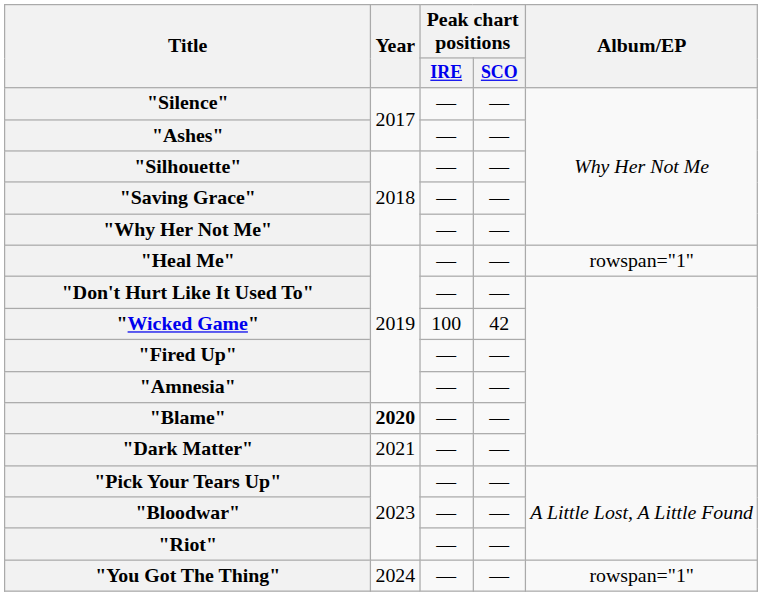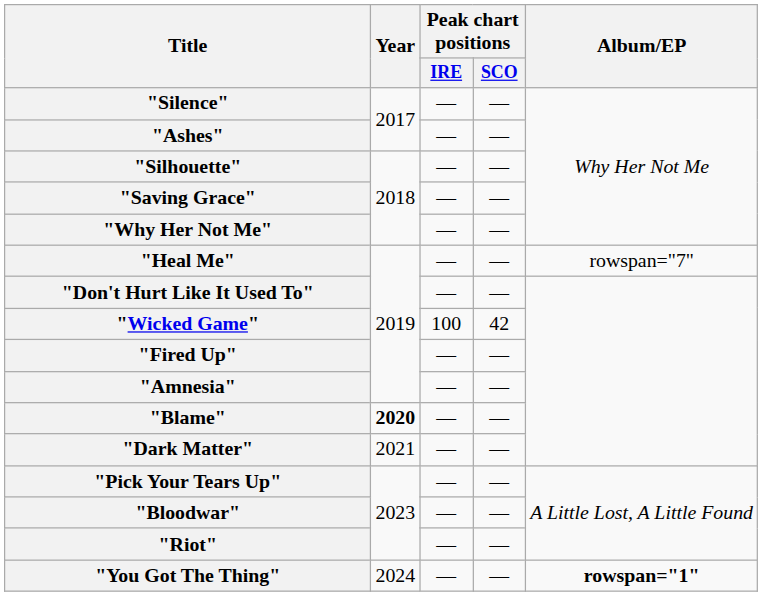 <table class="wikitable plainrowheaders" style="text-align:center;">
 <tr>
 <th scope="col" rowspan="2" style="width:18em;">Title</th>
 <th scope="col" rowspan="2">Year</th>
 <th scope="col" colspan="2">Peak chart positions</th>
 <th scope="col" rowspan="2">Album/EP</th>
 </tr>
 <tr>
 <th scope="col" style="width:2.5em;font-size:90%;"><a href='#'>IRE</a><br></th>
 <th scope="col" style="width:2.5em;font-size:90%;"><a href='#'>SCO</a><br></th>
 </tr>
 <tr>
 <th scope="row">"Silence"</th>
 <td rowspan="2">2017</td>
 <td>—</td>
 <td>—</td>
 <td rowspan="5"><em>Why Her Not Me</em></td>
 </tr>
 <tr>
 <th scope="row">"Ashes"</th>
 <td>—</td>
 <td>—</td>
 </tr>
 <tr>
 <th scope="row">"Silhouette"</th>
 <td rowspan="3">2018</td>
 <td>—</td>
 <td>—</td>
 </tr>
 <tr>
 <th scope="row">"Saving Grace"</th>
 <td>—</td>
 <td>—</td>
 </tr>
 <tr>
 <th scope="row">"Why Her Not Me"</th>
 <td>—</td>
 <td>—</td>
 </tr>
 <tr>
 <th scope="row">"Heal Me"</th>
 <td rowspan="5">2019</td>
 <td>—</td>
 <td>—</td>
-<td>rowspan="1" </td>
+<td>rowspan="7" </td>
 </tr>
 <tr>
 <th scope="row">"Don't Hurt Like It Used To"</th>
 <td>—</td>
 <td>—</td>
 </tr>
 <tr>
 <th scope="row">"<a href='#'>Wicked Game</a>"</th>
 <td>100</td>
 <td>42</td>
 </tr>
 <tr>
 <th scope="row">"Fired Up"</th>
 <td>—</td>
 <td>—</td>
 </tr>
 <tr>
 <th scope="row">"Amnesia"</th>
 <td>—</td>
 <td>—</td>
 </tr>
 <tr>
 <th scope="row">"Blame"<br></th>
 <td rowspan="1"><strong>2020</strong></td>
 <td>—</td>
 <td>—</td>
 </tr>
 <tr>
 <th scope="row">"Dark Matter"</th>
 <td rowspan="1">2021</td>
 <td>—</td>
 <td>—</td>
 </tr>
 <tr>
 <th scope="row">"Pick Your Tears Up"</th>
 <td rowspan="3">2023</td>
 <td>—</td>
 <td>—</td>
 <td rowspan="3"><em>A Little Lost, A Little Found</em></td>
 </tr>
 <tr>
 <th scope="row">"Bloodwar"</th>
 <td>—</td>
 <td>—</td>
 </tr>
 <tr>
 <th scope="row">"Riot"</th>
 <td>—</td>
 <td>—</td>
 </tr>
 <tr>
 <th scope="row">"You Got The Thing"<br></th>
 <td rowspan="1">2024</td>
 <td>—</td>
 <td>—</td>
-<td>rowspan="1" </td>
+<td><strong>rowspan="1" </strong></td>
 </tr>
 </table>
